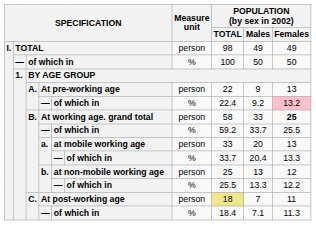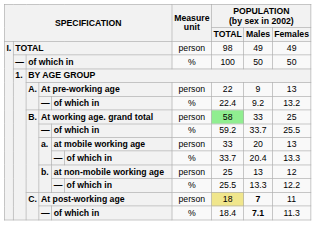 <table class="wikitable" style="font-size:85%; text-align:center">
 <tr>
 <th rowspan="2" colspan="6">SPECIFICATION</th>
 <th rowspan="2">Measure<br> unit</th>
 <th colspan="3" rowspan="1">POPULATION<br> (by sex in 2002)</th>
 </tr>
 <tr>
 <th>TOTAL</th>
 <th>Males</th>
 <th>Females</th>
 </tr>
 <tr>
 <th style="text-align:left" valign="top" rowspan="13">I.</th>
 <th style="text-align:left" colspan="5">TOTAL</th>
 <td>person</td>
 <td>98</td>
 <td>49</td>
 <td>49</td>
 </tr>
 <tr>
 <th style="text-align:left" valign="top">—</th>
 <th style="text-align:left" colspan="4">of which in</th>
 <td>%</td>
 <td>100</td>
 <td>50</td>
 <td>50</td>
 </tr>
 <tr>
 <th style="text-align:left" valign="top" rowspan="11">1.</th>
 <th style="text-align:left" colspan="19">BY AGE GROUP</th>
 </tr>
 <tr>
 <th style="text-align:left" valign="top" rowspan="2">A.</th>
 <th style="text-align:left" colspan="3">At pre-working age</th>
 <td>person</td>
 <td>22</td>
 <td>9</td>
 <td>13</td>
 </tr>
 <tr>
 <th style="text-align:left" valign="top">—</th>
 <th style="text-align:left" valign="top" colspan="2">of which in</th>
 <td>%</td>
 <td>22.4</td>
 <td>9.2</td>
-<td style="background: pink;">13.2</td>
+<td>13.2</td>
 </tr>
 <tr>
 <th style="text-align:left" valign="top" rowspan="6">B.</th>
 <th style="text-align:left" colspan="3">At working age. grand total</th>
 <td>person</td>
-<td>58</td>
+<td style="background: lightgreen;">58</td>
 <td>33</td>
-<td><strong>25</strong></td>
+<td>25</td>
 </tr>
 <tr>
 <th style="text-align:left" valign="top">—</th>
 <th style="text-align:left" valign="top" colspan="2">of which in</th>
 <td>%</td>
 <td>59.2</td>
 <td>33.7</td>
 <td>25.5</td>
 </tr>
 <tr>
 <th style="text-align:left" valign="top" rowspan="2">a.</th>
 <th style="text-align:left" colspan="2">at mobile working age</th>
 <td>person</td>
 <td>33</td>
 <td>20</td>
 <td>13</td>
 </tr>
 <tr>
 <th style="text-align:left" valign="top">—</th>
 <th style="text-align:left" valign="top" colspan="1">of which in                        </th>
 <td>%</td>
 <td>33.7</td>
 <td>20.4</td>
 <td>13.3</td>
 </tr>
 <tr>
 <th style="text-align:left" valign="top" rowspan="2">b.</th>
 <th style="text-align:left" colspan="2">at non-mobile working age</th>
 <td>person</td>
 <td>25</td>
 <td>13</td>
 <td>12</td>
 </tr>
 <tr>
 <th style="text-align:left" valign="top">—</th>
 <th style="text-align:left" valign="top" colspan="1">of which in                        </th>
 <td>%</td>
 <td>25.5</td>
 <td>13.3</td>
 <td>12.2</td>
 </tr>
 <tr>
 <th style="text-align:left" valign="top" rowspan="2">C.</th>
 <th style="text-align:left" colspan="3">At post-working age</th>
 <td>person</td>
 <td style="background: khaki;">18</td>
-<td>7</td>
+<td><strong>7</strong></td>
 <td>11</td>
 </tr>
 <tr>
 <th style="text-align:left" valign="top">—</th>
 <th style="text-align:left" valign="top" colspan="2">of which in</th>
 <td>%</td>
 <td>18.4</td>
-<td>7.1</td>
+<td><strong>7.1</strong></td>
 <td>11.3</td>
 </tr>
 </table>
